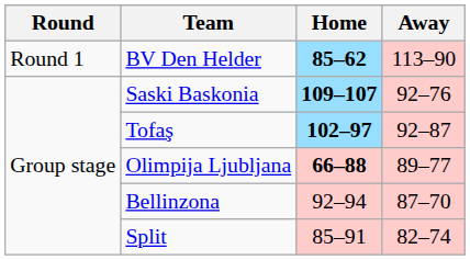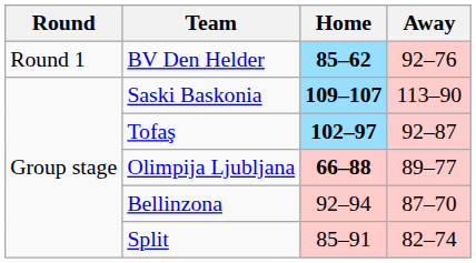 <table class="wikitable" style="text-align: left; font-size:95%">
 <tr bgcolor="#ccccff">
 <th>Round</th>
 <th>Team</th>
 <th>Home</th>
 <th>  Away  </th>
 </tr>
 <tr>
 <td>Round 1</td>
 <td> <a href='#'>BV Den Helder</a></td>
 <td align="center" bgcolor=#97DEFF><strong>85–62</strong></td>
-<td align="center" bgcolor=#FFCCCC>113–90</td>
+<td align="center" bgcolor=#FFCCCC>92–76</td>
 </tr>
 <tr>
 <td rowspan=5>Group stage</td>
 <td> <a href='#'>Saski Baskonia</a></td>
 <td align="center" bgcolor=#97DEFF><strong>109–107</strong></td>
-<td align="center" bgcolor=#FFCCCC>92–76</td>
+<td align="center" bgcolor=#FFCCCC>113–90</td>
 </tr>
 <tr>
 <td> <a href='#'>Tofaş</a></td>
 <td align="center" bgcolor=#97DEFF><strong>102–97</strong></td>
 <td align="center" bgcolor=#FFCCCC>92–87</td>
 </tr>
 <tr>
 <td> <a href='#'>Olimpija Ljubljana</a></td>
 <td align="center" bgcolor=#FFCCCC><strong>66–88</strong></td>
 <td align="center" bgcolor=#FFCCCC>89–77</td>
 </tr>
 <tr>
 <td> <a href='#'>Bellinzona</a></td>
 <td align="center" bgcolor=#FFCCCC>92–94</td>
 <td align="center" bgcolor=#FFCCCC>87–70</td>
 </tr>
 <tr>
 <td> <a href='#'>Split</a></td>
 <td align="center" bgcolor=#FFCCCC>85–91</td>
 <td align="center" bgcolor=#FFCCCC>82–74</td>
 </tr>
 </table>
